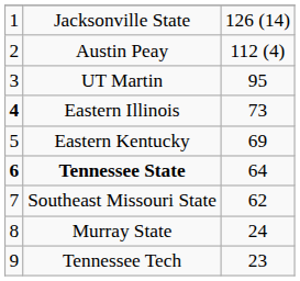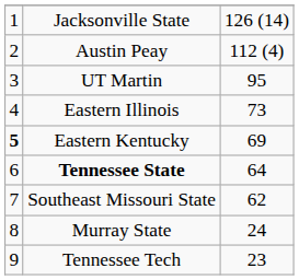 <table class="wikitable" style="display: inline-table;">
 <tr align="center">
 </tr>
 <tr align="center">
 <td>1</td>
 <td>Jacksonville State</td>
 <td>126 (14)</td>
 </tr>
 <tr align="center">
 <td>2</td>
 <td>Austin Peay</td>
 <td>112 (4)</td>
 </tr>
 <tr align="center">
 <td>3</td>
 <td>UT Martin</td>
 <td>95</td>
 </tr>
 <tr align="center">
-<td><strong>4</strong></td>
+<td>4</td>
 <td>Eastern Illinois</td>
 <td>73</td>
 </tr>
 <tr align="center">
-<td>5</td>
+<td><strong>5</strong></td>
 <td>Eastern Kentucky</td>
 <td>69</td>
 </tr>
 <tr align="center">
-<td><strong>6</strong></td>
+<td>6</td>
 <td><strong>Tennessee State</strong></td>
 <td>64</td>
 </tr>
 <tr align="center">
 <td>7</td>
 <td>Southeast Missouri State</td>
 <td>62</td>
 </tr>
 <tr align="center">
 <td>8</td>
 <td>Murray State</td>
 <td>24</td>
 </tr>
 <tr align="center">
 <td>9</td>
 <td>Tennessee Tech</td>
 <td>23</td>
 </tr>
 </table>
